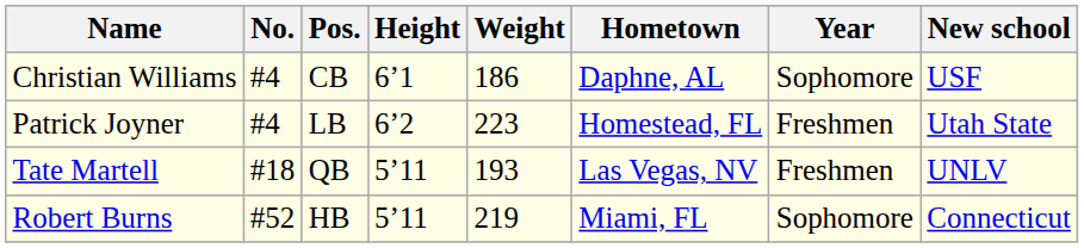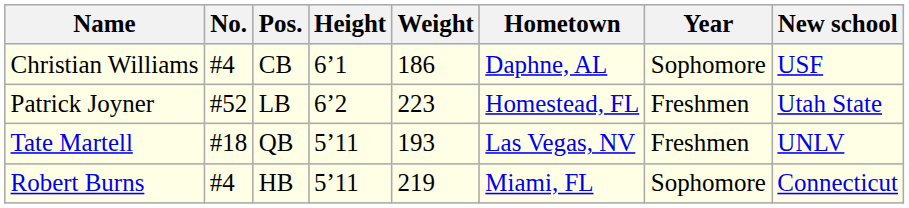 <table class="wikitable sortable">
 <tr>
 <th>Name</th>
 <th>No.</th>
 <th>Pos.</th>
 <th>Height</th>
 <th>Weight</th>
 <th>Hometown</th>
 <th>Year</th>
 <th class="unsortable">New school</th>
 </tr>
 <tr style="background:#FFFFE6;">
 <td>Christian Williams</td>
 <td>#4</td>
 <td>CB</td>
 <td>6’1</td>
 <td>186</td>
 <td><a href='#'>Daphne, AL</a></td>
 <td>Sophomore</td>
 <td><a href='#'>USF</a></td>
 </tr>
 <tr style="background:#FFFFE6;">
 <td>Patrick Joyner</td>
-<td>#4</td>
+<td>#52</td>
 <td>LB</td>
 <td>6’2</td>
 <td>223</td>
 <td><a href='#'>Homestead, FL</a></td>
 <td> Freshmen</td>
 <td><a href='#'>Utah State</a></td>
 </tr>
 <tr style="background:#FFFFE6;">
 <td><a href='#'>Tate Martell</a></td>
 <td>#18</td>
 <td>QB</td>
 <td>5’11</td>
 <td>193</td>
 <td><a href='#'>Las Vegas, NV</a></td>
 <td> Freshmen</td>
 <td><a href='#'>UNLV</a></td>
 </tr>
 <tr style="background:#FFFFE6;">
 <td><a href='#'>Robert Burns</a></td>
-<td>#52</td>
+<td>#4</td>
 <td>HB</td>
 <td>5’11</td>
 <td>219</td>
 <td><a href='#'>Miami, FL</a></td>
 <td> Sophomore</td>
 <td><a href='#'>Connecticut</a></td>
 </tr>
 </table>
